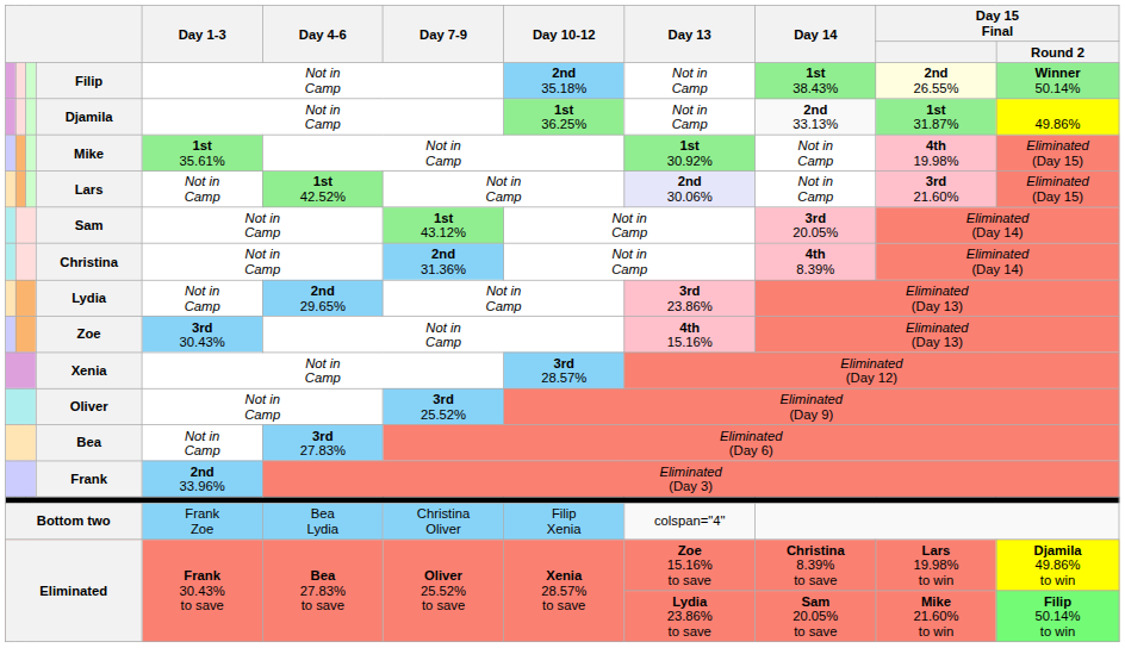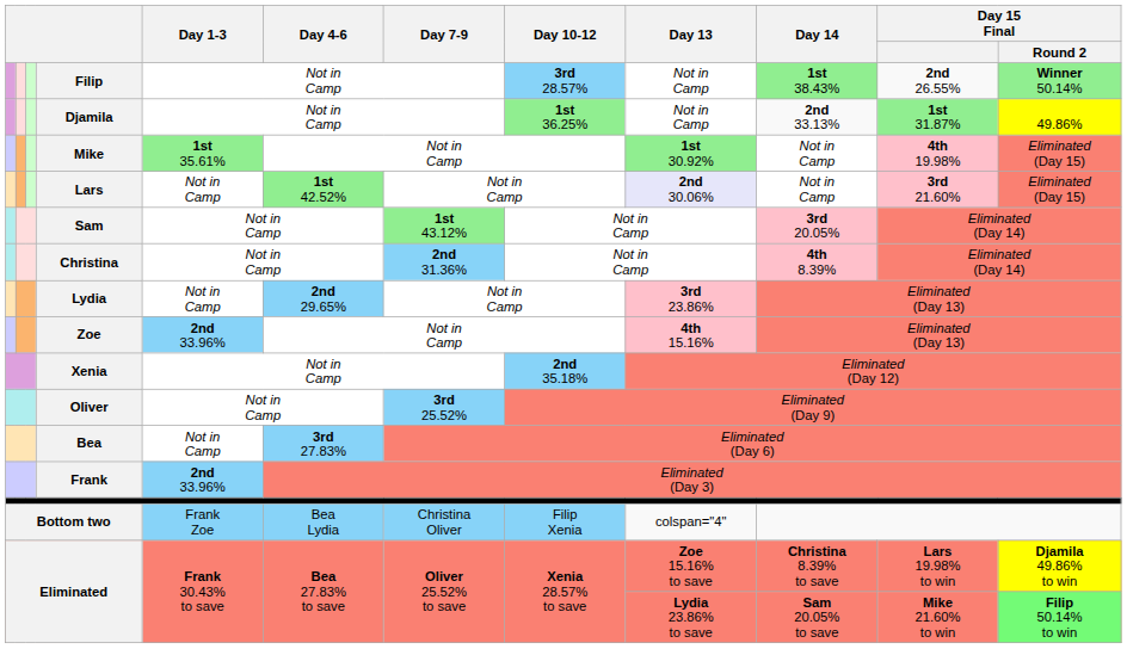 <table class="wikitable" style="text-align:center; font-size:95%; width:100%">
 <tr>
 <th style="width:06%" rowspan="2" colspan="4"></th>
 <th style="width:06%" rowspan="2">Day 1-3</th>
 <th style="width:06%" rowspan="2">Day 4-6</th>
 <th style="width:06%" rowspan="2">Day 7-9</th>
 <th style="width:06%" rowspan="2">Day 10-12</th>
 <th style="width:06%" rowspan="2">Day 13</th>
 <th style="width:06%" rowspan="2">Day 14</th>
 <th style="width:06%" colspan="2">Day 15<br>Final</th>
 </tr>
 <tr>
 <th style="width:6%"></th>
 <th style="width:6%">Round 2</th>
 </tr>
 <tr>
 <td style="background:#dda0dd"></td>
 <td style="background:#ffdddd"></td>
 <td style="background:#cfc"></td>
 <th>Filip</th>
 <td colspan="3" style="background:#ffffff;"><em>Not in<br>Camp</em></td>
-<td style="background:#87D3F8"><strong>2nd</strong><br>35.18%</td>
+<td style="background:#87D3F8"><strong>3rd</strong><br>28.57%</td>
 <td style="background:#ffffff;"><em>Not in<br>Camp</em></td>
 <td style="background:lightgreen;"><strong>1st</strong><br>38.43%</td>
-<td style="background: lightyellow;"><strong>2nd</strong><br>26.55%</td>
+<td><strong>2nd</strong><br>26.55%</td>
 <td bgcolor=lightgreen><strong>Winner</strong><br>50.14%</td>
 </tr>
 <tr>
 <td style="background:#dda0dd"></td>
 <td style="background:#ffdddd"></td>
 <td style="background:#cfc"></td>
 <th>Djamila</th>
 <td colspan="3" style="background:#ffffff;"><em>Not in<br>Camp</em></td>
 <td style="background:lightgreen;"><strong>1st</strong><br>36.25%</td>
 <td style="background:#ffffff;"><em>Not in<br>Camp</em></td>
 <td><strong>2nd</strong><br>33.13%</td>
 <td style="background:lightgreen;"><strong>1st</strong><br>31.87%</td>
 <td bgcolor=Yellow><br>49.86%</td>
 </tr>
 <tr>
 <td style="background:#ccccff"></td>
 <td style="background:#fbb46e"></td>
 <td style="background:#cfc"></td>
 <th>Mike</th>
 <td style="background:lightgreen;"><strong>1st</strong><br>35.61%</td>
 <td colspan="3" style="background:#ffffff;"><em>Not in<br>Camp</em></td>
 <td style="background:lightgreen;"><strong>1st</strong><br>30.92%</td>
 <td style="background:#ffffff;"><em>Not in<br>Camp</em></td>
 <td style="background:pink;"><strong>4th</strong><br>19.98%</td>
 <td style="background:salmon;"><em>Eliminated</em><br>(Day 15)</td>
 </tr>
 <tr>
 <td style="background:#ffe5b4"></td>
 <td style="background:#fbb46e"></td>
 <td style="background:#cfc"></td>
 <th>Lars</th>
 <td style="background:#ffffff;"><em>Not in<br>Camp</em></td>
 <td style="background:lightgreen;"><strong>1st</strong><br>42.52%</td>
 <td colspan="2" style="background:#ffffff;"><em>Not in<br>Camp</em></td>
 <td style="background: lavender;"><strong>2nd</strong><br>30.06%</td>
 <td style="background:#ffffff;"><em>Not in<br>Camp</em></td>
 <td style="background:pink;"><strong>3rd</strong><br>21.60%</td>
 <td style="background:salmon;"><em>Eliminated</em><br>(Day 15)</td>
 </tr>
 <tr>
 <td style="background:#afeeee"></td>
 <td colspan="2" style="background:#ffdddd"></td>
 <th>Sam</th>
 <td colspan="2" style="background:#ffffff;"><em>Not in<br>Camp</em></td>
 <td style="background:lightgreen;"><strong>1st</strong><br>43.12%</td>
 <td colspan="2" style="background:#ffffff;"><em>Not in<br>Camp</em></td>
 <td style="background:pink"><strong>3rd</strong><br>20.05%</td>
 <td style="background:salmon;" colspan="2"><em>Eliminated</em><br>(Day 14)</td>
 </tr>
 <tr>
 <td style="background:#afeeee"></td>
 <td colspan="2" style="background:#ffdddd"></td>
 <th>Christina</th>
 <td colspan="2" style="background:#ffffff;"><em>Not in<br>Camp</em></td>
 <td style="background:#87D3F8"><strong>2nd</strong><br>31.36%</td>
 <td colspan="2" style="background:#ffffff;"><em>Not in<br>Camp</em></td>
 <td style="background:pink"><strong>4th</strong><br>8.39%</td>
 <td style="background:salmon;" colspan="2"><em>Eliminated</em><br>(Day 14)</td>
 </tr>
 <tr>
 <td style="background:#ffe5b4"></td>
 <td colspan="2" style="background:#fbb46e"></td>
 <th>Lydia</th>
 <td style="background:#ffffff;"><em>Not in<br>Camp</em></td>
 <td style="background:#87D3F8"><strong>2nd</strong><br>29.65%</td>
 <td colspan="2" style="background:#ffffff;"><em>Not in<br>Camp</em></td>
 <td style="background:pink"><strong>3rd</strong><br>23.86%</td>
 <td style="background:salmon;" colspan="3"><em>Eliminated</em><br>(Day 13)</td>
 </tr>
 <tr>
 <td style="background:#ccccff"></td>
 <td colspan="2" style="background:#fbb46e"></td>
 <th>Zoe</th>
-<td style="background:#87D3F8"><strong>3rd</strong><br>30.43%</td>
+<td style="background:#87D3F8"><strong>2nd</strong><br>33.96%</td>
 <td colspan="3" style="background:#ffffff;"><em>Not in<br>Camp</em></td>
 <td style="background:pink"><strong>4th</strong><br>15.16%</td>
 <td style="background:salmon;" colspan="3"><em>Eliminated</em><br>(Day 13)</td>
 </tr>
 <tr>
 <td colspan="3" style="background:#dda0dd"></td>
 <th>Xenia</th>
 <td colspan="3" style="background:#ffffff;"><em>Not in<br>Camp</em></td>
-<td style="background:#87D3F8"><strong>3rd</strong><br>28.57%</td>
+<td style="background:#87D3F8"><strong>2nd</strong><br>35.18%</td>
 <td style="background:salmon;" colspan="4"><em>Eliminated</em><br>(Day 12)</td>
 </tr>
 <tr>
 <td colspan="3" style="background:#afeeee"></td>
 <th>Oliver</th>
 <td colspan="2" style="background:#ffffff;"><em>Not in<br>Camp</em></td>
 <td style="background:#87D3F8"><strong>3rd</strong><br>25.52%</td>
 <td style="background:salmon;" colspan="5"><em>Eliminated</em><br>(Day 9)</td>
 </tr>
 <tr>
 <td colspan="3" style="background:#ffe5b4"></td>
 <th>Bea</th>
 <td style="background:#ffffff;"><em>Not in<br>Camp</em></td>
 <td style="background:#87D3F8"><strong>3rd</strong><br>27.83%</td>
 <td style="background:salmon;" colspan="6"><em>Eliminated</em><br>(Day 6)</td>
 </tr>
 <tr>
 <td colspan="3" style="background:#ccccff"></td>
 <th>Frank</th>
 <td style="background:#87D3F8"><strong>2nd</strong><br>33.96%</td>
 <td style="background:salmon;" colspan="7"><em>Eliminated</em><br>(Day 3)</td>
 </tr>
 <tr>
 <td style="background:#000;" colspan="12"></td>
 </tr>
 <tr>
 <th colspan="4">Bottom two</th>
 <td style="background:#87d3f8;">Frank<br>Zoe</td>
 <td style="background:#87d3f8;">Bea<br>Lydia</td>
 <td style="background:#87d3f8;">Christina<br>Oliver</td>
 <td style="background:#87d3f8;">Filip<br>Xenia</td>
 <td>colspan="4" </td>
 </tr>
 <tr style="background:salmon;">
 <th colspan="4" rowspan="2">Eliminated</th>
 <td rowspan="2"><strong>Frank</strong><br>30.43%<br>to save</td>
 <td rowspan="2"><strong>Bea</strong><br>27.83%<br>to save</td>
 <td rowspan="2"><strong>Oliver</strong><br>25.52%<br>to save</td>
 <td rowspan="2"><strong>Xenia</strong><br>28.57%<br>to save</td>
 <td><strong>Zoe</strong><br>15.16%<br>to save</td>
 <td><strong>Christina</strong><br>8.39%<br>to save</td>
 <td><strong>Lars</strong><br>19.98%<br>to win</td>
 <td style="background:yellow"><strong>Djamila</strong><br>49.86%<br>to win</td>
 </tr>
 <tr style="background:salmon;">
 <td><strong>Lydia</strong><br>23.86%<br>to save</td>
 <td><strong>Sam</strong><br>20.05%<br>to save</td>
 <td><strong>Mike</strong><br>21.60%<br>to win</td>
 <td style="background:#73FB76"><strong>Filip</strong><br>50.14%<br>to win</td>
 </tr>
 </table>
